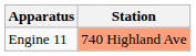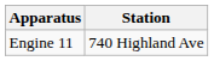 <table class="wikitable">
 <tr>
 <th>Apparatus</th>
 <th>Station</th>
 </tr>
 <tr>
 <td>Engine 11</td>
-<td style="background: lightsalmon;">740 Highland Ave</td>
+<td>740 Highland Ave</td>
 </tr>
 </table>
